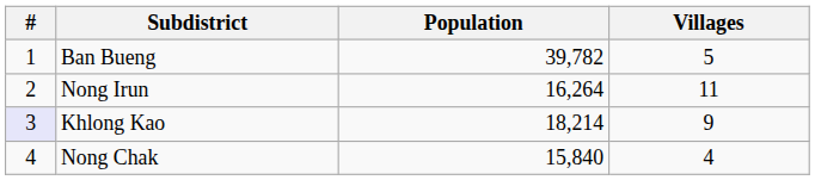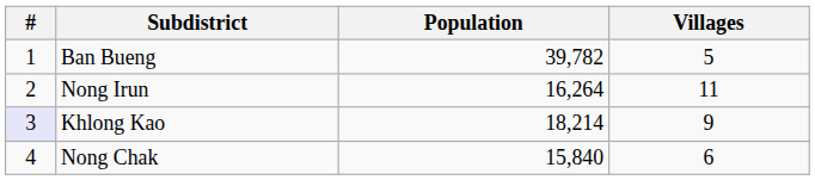 <table class="wikitable" style="width:48%; display:inline-table;">
 <tr>
 <th>#</th>
 <th>Subdistrict</th>
 <th>Population</th>
 <th>Villages</th>
 </tr>
 <tr>
 <td style="text-align:center;">1</td>
 <td>Ban Bueng</td>
 <td style="text-align:right;">39,782</td>
 <td style="text-align:center;">5</td>
 </tr>
 <tr>
 <td style="text-align:center;">2</td>
 <td>Nong Irun</td>
 <td style="text-align:right;">16,264</td>
 <td style="text-align:center;">11</td>
 </tr>
 <tr>
 <td style="background: lavender; text-align:center;">3</td>
 <td>Khlong Kao</td>
 <td style="text-align:right;">18,214</td>
 <td style="text-align:center;">9</td>
 </tr>
 <tr>
 <td style="text-align:center;">4</td>
 <td>Nong Chak</td>
 <td style="text-align:right;">15,840</td>
-<td style="text-align:center;">4</td>
+<td style="text-align:center;">6</td>
 </tr>
 </table>
